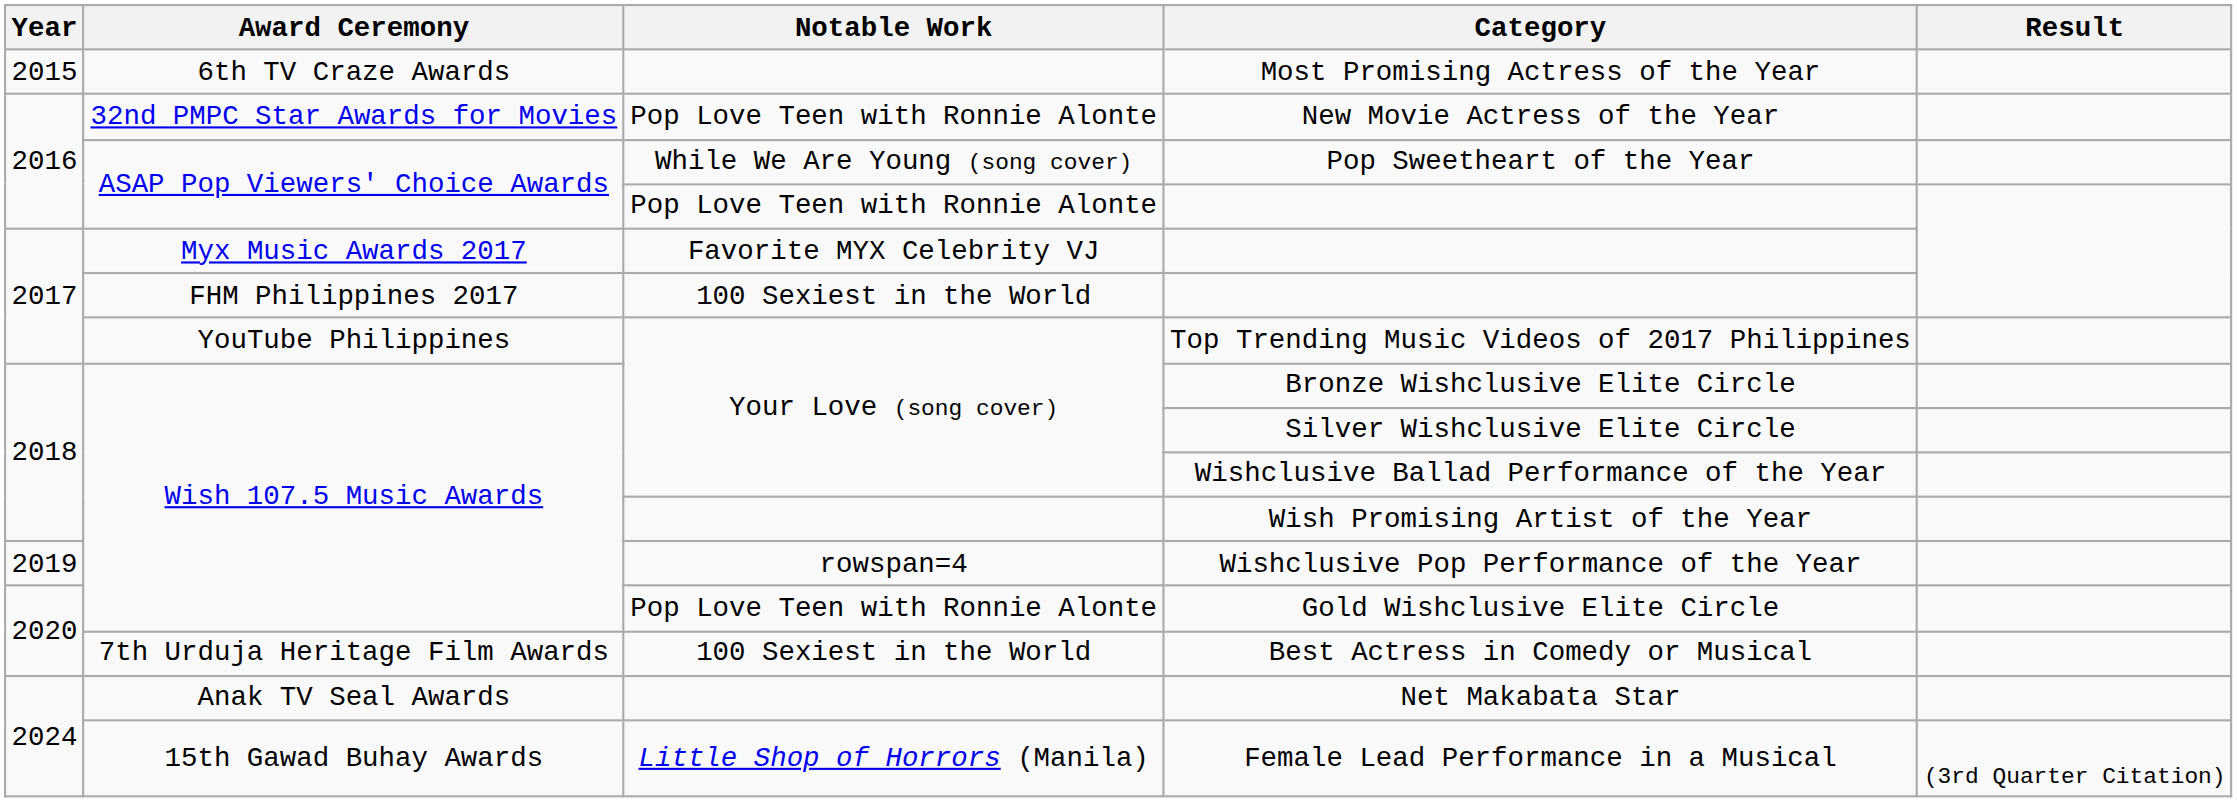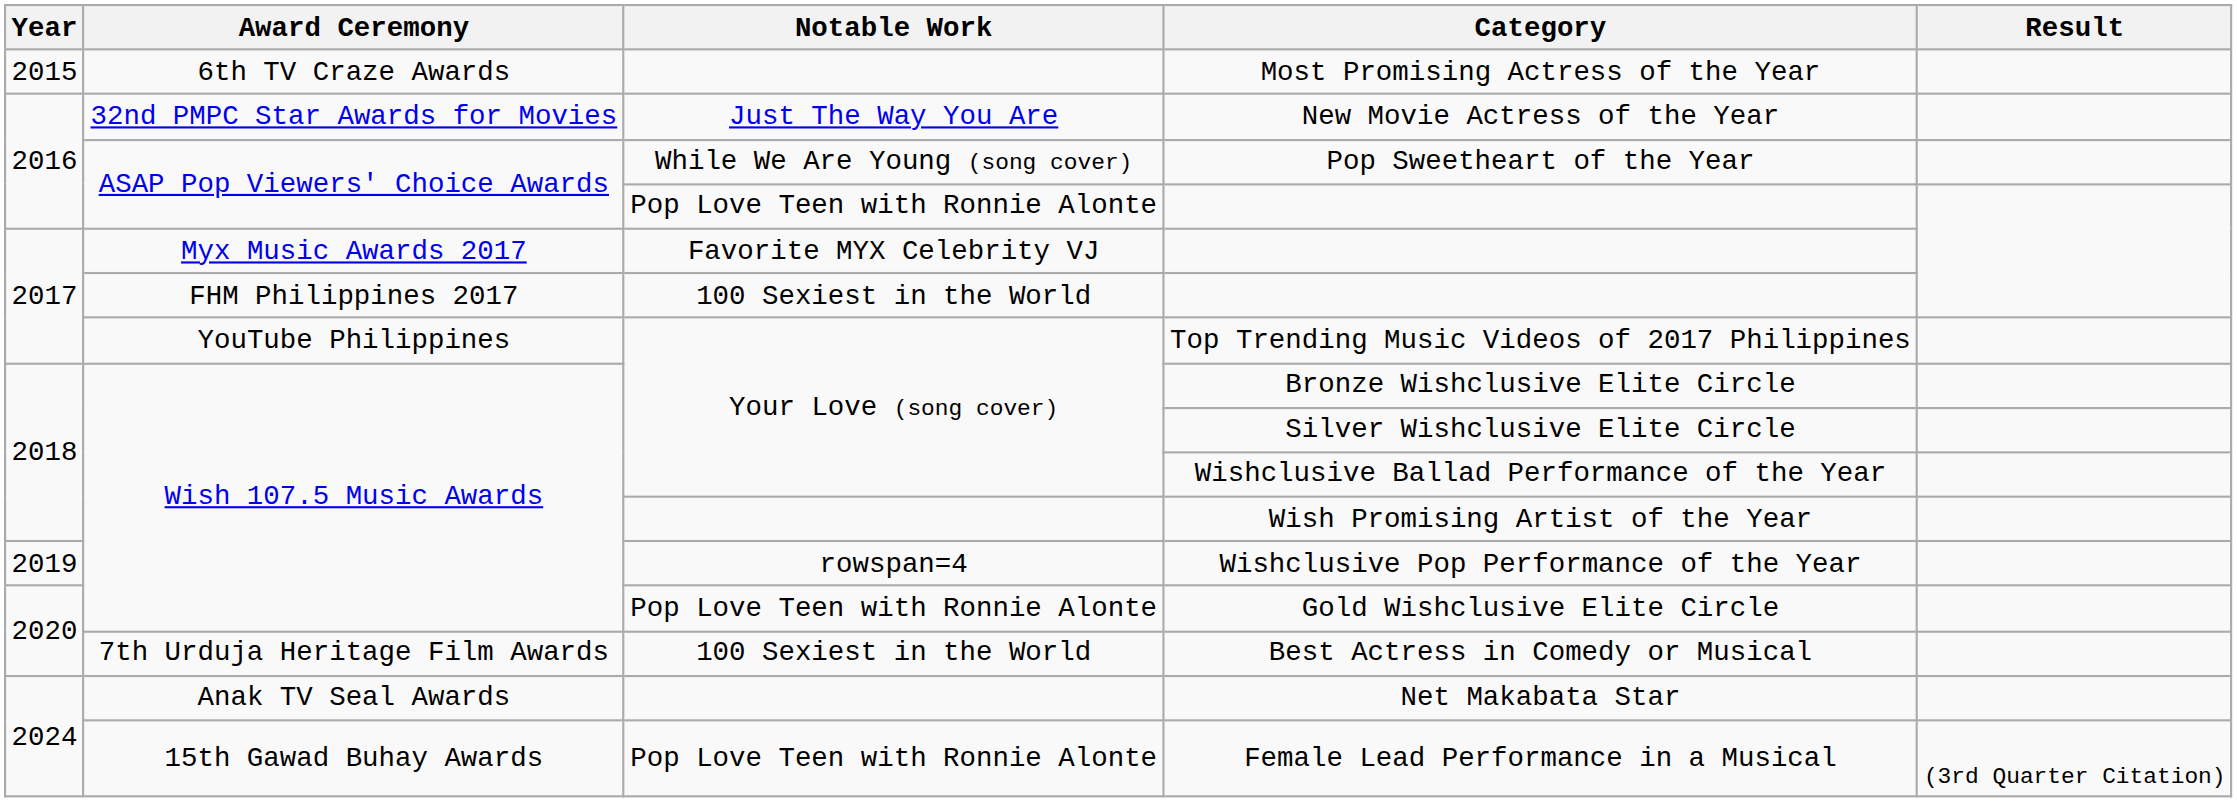 <table class="wikitable plainrowheaders" style="text-align:center;">
 <tr>
 <th>Year</th>
 <th>Award Ceremony</th>
 <th>Notable Work</th>
 <th>Category</th>
 <th>Result</th>
 </tr>
 <tr>
 <td>2015</td>
 <td>6th TV Craze Awards</td>
 <td></td>
 <td>Most Promising Actress of the Year</td>
 <td></td>
 </tr>
 <tr>
 <td rowspan="3">2016</td>
 <td><a href='#'>32nd PMPC Star Awards for Movies</a></td>
-<td>Pop Love Teen with Ronnie Alonte</td>
+<td><a href='#'>Just The Way You Are</a></td>
 <td>New Movie Actress of the Year</td>
 <td></td>
 </tr>
 <tr>
 <td rowspan="2"><a href='#'>ASAP Pop Viewers' Choice Awards</a></td>
 <td>While We Are Young <small>(song cover)</small></td>
 <td>Pop Sweetheart of the Year</td>
 <td></td>
 </tr>
 <tr>
 <td>Pop Love Teen with Ronnie Alonte</td>
 <td></td>
 </tr>
 <tr>
 <td rowspan="3">2017</td>
 <td><a href='#'>Myx Music Awards 2017</a></td>
 <td>Favorite MYX Celebrity VJ</td>
 <td></td>
 </tr>
 <tr>
 <td>FHM Philippines 2017</td>
 <td>100 Sexiest in the World</td>
 <td></td>
 </tr>
 <tr>
 <td>YouTube Philippines</td>
 <td rowspan=4>Your Love <small>(song cover)</small></td>
 <td>Top Trending Music Videos of 2017 Philippines</td>
 <td></td>
 </tr>
 <tr>
 <td rowspan="4">2018</td>
 <td rowspan="6"><a href='#'>Wish 107.5 Music Awards</a></td>
 <td>Bronze Wishclusive Elite Circle</td>
 <td></td>
 </tr>
 <tr>
 <td>Silver Wishclusive Elite Circle</td>
 <td></td>
 </tr>
 <tr>
 <td>Wishclusive Ballad Performance of the Year</td>
 <td></td>
 </tr>
 <tr>
 <td></td>
 <td>Wish Promising Artist of the Year</td>
 <td></td>
 </tr>
 <tr>
 <td>2019</td>
 <td>rowspan=4 </td>
 <td>Wishclusive Pop Performance of the Year</td>
 <td></td>
 </tr>
 <tr>
 <td rowspan="2">2020</td>
 <td>Pop Love Teen with Ronnie Alonte</td>
 <td>Gold Wishclusive Elite Circle</td>
 <td></td>
 </tr>
 <tr>
 <td>7th Urduja Heritage Film Awards</td>
 <td>100 Sexiest in the World</td>
 <td>Best Actress in Comedy or Musical</td>
 <td></td>
 </tr>
 <tr>
 <td rowspan=2>2024</td>
 <td>Anak TV Seal Awards</td>
 <td></td>
 <td>Net Makabata Star</td>
 <td></td>
 </tr>
 <tr>
 <td>15th Gawad Buhay Awards</td>
-<td><em><a href='#'>Little Shop of Horrors</a></em> (Manila)</td>
+<td>Pop Love Teen with Ronnie Alonte</td>
 <td>Female Lead Performance in a Musical</td>
 <td><br><small>(3rd Quarter Citation)</small></td>
 </tr>
 </table>
